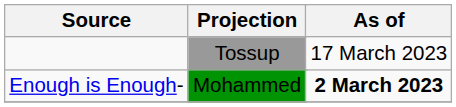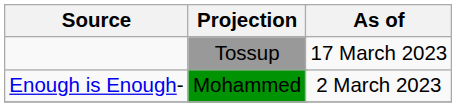 <table class="wikitable" style="text-align:center">
 <tr>
 <th>Source</th>
 <th colspan=2>Projection</th>
 <th>As of</th>
 </tr>
 <tr>
 <td align="left"></td>
 <td colspan=2 bgcolor=#999999>Tossup</td>
 <td>17 March 2023</td>
 </tr>
 <tr>
 <td align="left"><a href='#'>Enough is Enough</a>-<br></td>
 <td colspan=2 bgcolor=#009404>Mohammed</td>
-<td><strong>2 March 2023</strong></td>
+<td>2 March 2023</td>
 </tr>
 <tr>
 </tr>
 </table>
